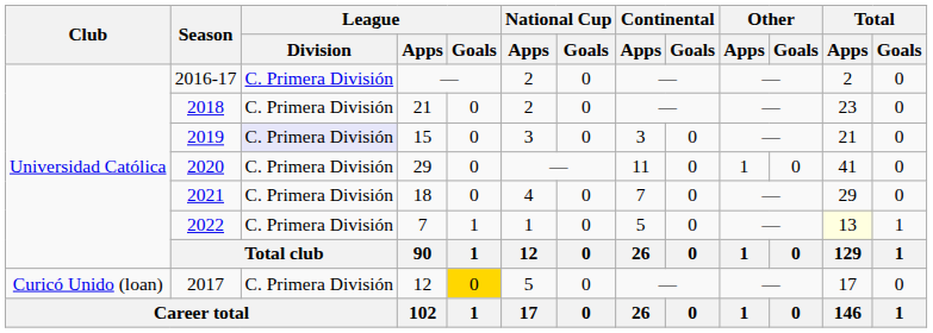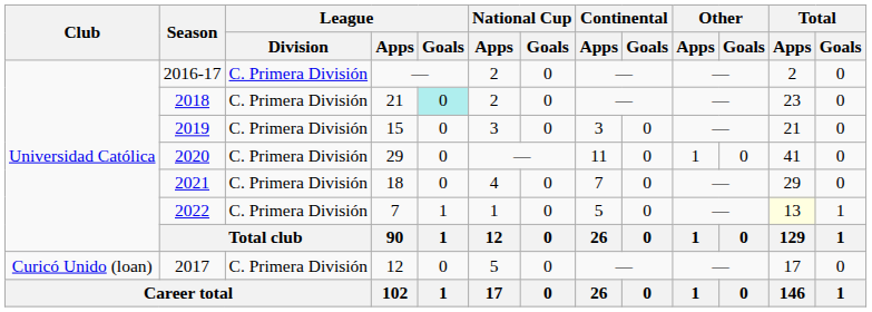 <table class="wikitable" style="text-align: center;">
 <tr>
 <th rowspan="2">Club</th>
 <th rowspan="2">Season</th>
 <th colspan="3">League</th>
 <th colspan="2">National Cup</th>
 <th colspan="2">Continental</th>
 <th colspan="2">Other</th>
 <th colspan="2">Total</th>
 </tr>
 <tr>
 <th>Division</th>
 <th>Apps</th>
 <th>Goals</th>
 <th>Apps</th>
 <th>Goals</th>
 <th>Apps</th>
 <th>Goals</th>
 <th>Apps</th>
 <th>Goals</th>
 <th>Apps</th>
 <th>Goals</th>
 </tr>
 <tr>
 <td rowspan="7" valign="center"><a href='#'>Universidad Católica</a></td>
 <td>2016-17</td>
 <td><a href='#'>C. Primera División</a></td>
 <td colspan=2>—</td>
 <td>2</td>
 <td>0</td>
 <td colspan=2>—</td>
 <td colspan=2>—</td>
 <td>2</td>
 <td>0</td>
 </tr>
 <tr>
 <td><a href='#'>2018</a></td>
 <td>C. Primera División</td>
 <td>21</td>
-<td>0</td>
+<td style="background: paleturquoise;">0</td>
 <td>2</td>
 <td>0</td>
 <td colspan="2">—</td>
 <td colspan="2">—</td>
 <td>23</td>
 <td>0</td>
 </tr>
 <tr>
 <td><a href='#'>2019</a></td>
-<td style="background: lavender;">C. Primera División</td>
+<td>C. Primera División</td>
 <td>15</td>
 <td>0</td>
 <td>3</td>
 <td>0</td>
 <td>3</td>
 <td>0</td>
 <td colspan="2">—</td>
 <td>21</td>
 <td>0</td>
 </tr>
 <tr>
 <td><a href='#'>2020</a></td>
 <td>C. Primera División</td>
 <td>29</td>
 <td>0</td>
 <td colspan="2">—</td>
 <td>11</td>
 <td>0</td>
 <td>1</td>
 <td>0</td>
 <td>41</td>
 <td>0</td>
 </tr>
 <tr>
 <td><a href='#'>2021</a></td>
 <td>C. Primera División</td>
 <td>18</td>
 <td>0</td>
 <td>4</td>
 <td>0</td>
 <td>7</td>
 <td>0</td>
 <td colspan="2">—</td>
 <td>29</td>
 <td>0</td>
 </tr>
 <tr>
 <td><a href='#'>2022</a></td>
 <td>C. Primera División</td>
 <td>7</td>
 <td>1</td>
 <td>1</td>
 <td>0</td>
 <td>5</td>
 <td>0</td>
 <td colspan="2">—</td>
 <td style="background: lightyellow;">13</td>
 <td>1</td>
 </tr>
 <tr>
 <th colspan="2">Total club</th>
 <th>90</th>
 <th>1</th>
 <th>12</th>
 <th>0</th>
 <th>26</th>
 <th>0</th>
 <th>1</th>
 <th>0</th>
 <th>129</th>
 <th>1</th>
 </tr>
 <tr>
 <td valign="center"><a href='#'>Curicó Unido</a> (loan)</td>
 <td>2017</td>
 <td>C. Primera División</td>
 <td>12</td>
-<td style="background: gold;">0</td>
+<td>0</td>
 <td>5</td>
 <td>0</td>
 <td colspan="2">—</td>
 <td colspan=2>—</td>
 <td>17</td>
 <td>0</td>
 </tr>
 <tr>
 <th colspan="3">Career total</th>
 <th>102</th>
 <th>1</th>
 <th>17</th>
 <th>0</th>
 <th>26</th>
 <th>0</th>
 <th>1</th>
 <th>0</th>
 <th>146</th>
 <th>1</th>
 </tr>
 </table>
